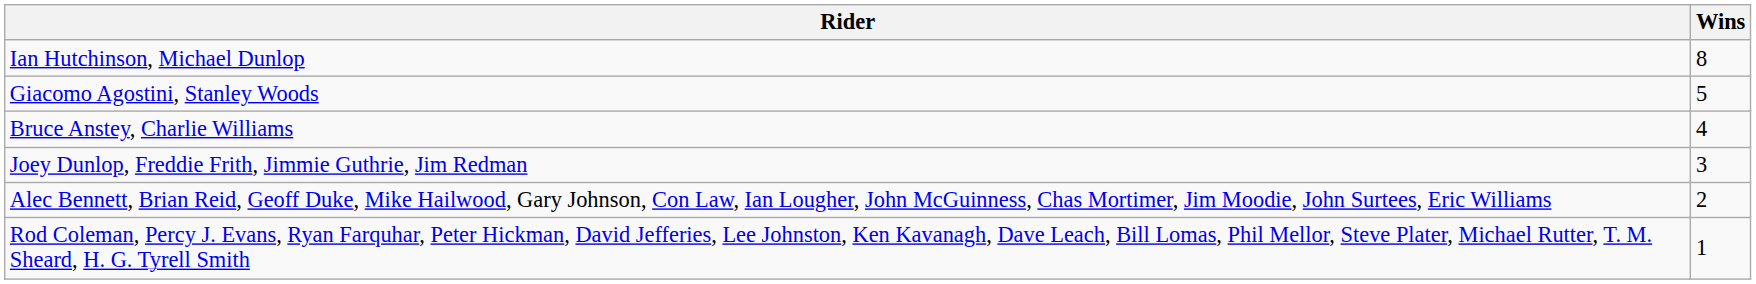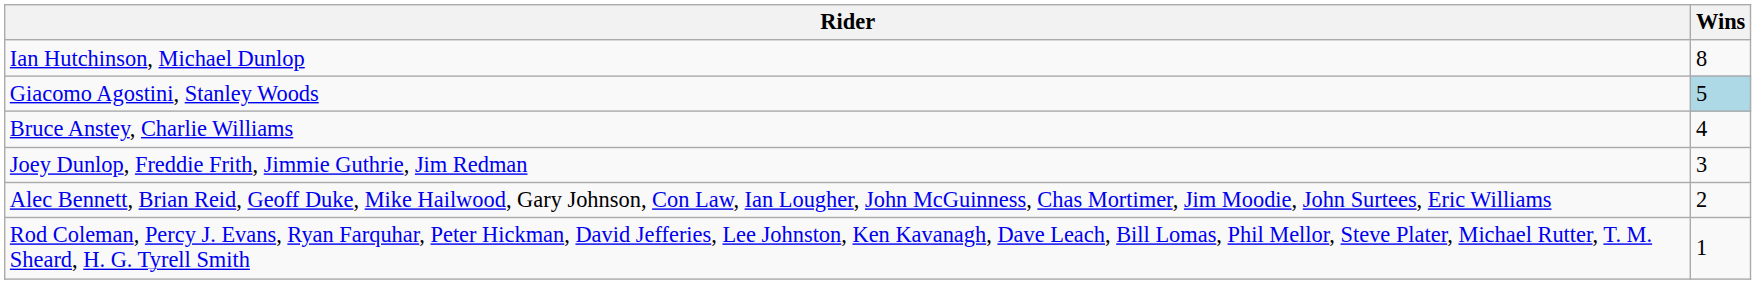 <table class="wikitable">
 <tr>
 <th>Rider</th>
 <th>Wins</th>
 </tr>
 <tr>
 <td><a href='#'>Ian Hutchinson</a>, <a href='#'>Michael Dunlop</a></td>
 <td>8</td>
 </tr>
 <tr>
 <td><a href='#'>Giacomo Agostini</a>, <a href='#'>Stanley Woods</a></td>
-<td>5</td>
+<td style="background: lightblue;">5</td>
 </tr>
 <tr>
 <td><a href='#'>Bruce Anstey</a>, <a href='#'>Charlie Williams</a></td>
 <td>4</td>
 </tr>
 <tr>
 <td><a href='#'>Joey Dunlop</a>,  <a href='#'>Freddie Frith</a>, <a href='#'>Jimmie Guthrie</a>, <a href='#'>Jim Redman</a></td>
 <td>3</td>
 </tr>
 <tr>
 <td><a href='#'>Alec Bennett</a>, <a href='#'>Brian Reid</a>, <a href='#'>Geoff Duke</a>, <a href='#'>Mike Hailwood</a>, Gary Johnson, <a href='#'>Con Law</a>, <a href='#'>Ian Lougher</a>, <a href='#'>John McGuinness</a>, <a href='#'>Chas Mortimer</a>, <a href='#'>Jim Moodie</a>, <a href='#'>John Surtees</a>, <a href='#'>Eric Williams</a></td>
 <td>2</td>
 </tr>
 <tr>
 <td><a href='#'>Rod Coleman</a>,  <a href='#'>Percy J. Evans</a>, <a href='#'>Ryan Farquhar</a>, <a href='#'>Peter Hickman</a>, <a href='#'>David Jefferies</a>, <a href='#'>Lee Johnston</a>, <a href='#'>Ken Kavanagh</a>, <a href='#'>Dave Leach</a>, <a href='#'>Bill Lomas</a>, <a href='#'>Phil Mellor</a>, <a href='#'>Steve Plater</a>, <a href='#'>Michael Rutter</a>, <a href='#'>T. M. Sheard</a>, <a href='#'>H. G. Tyrell Smith</a></td>
 <td>1</td>
 </tr>
 </table>
